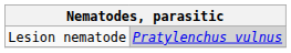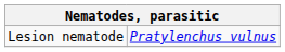 <table class="wikitable" style="clear">
 <tr>
 <th colspan=2><strong>Nematodes, parasitic</strong><br></th>
 </tr>
 <tr>
 <td>Lesion nematode</td>
-<td style="background: lightgrey;"><em><a href='#'>Pratylenchus vulnus</a></em></td>
+<td><em><a href='#'>Pratylenchus vulnus</a></em></td>
 </tr>
 <tr>
 </tr>
 </table>
